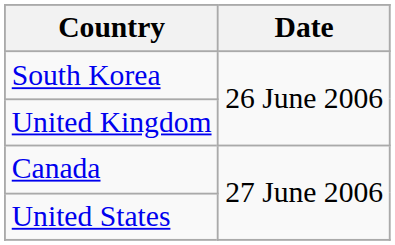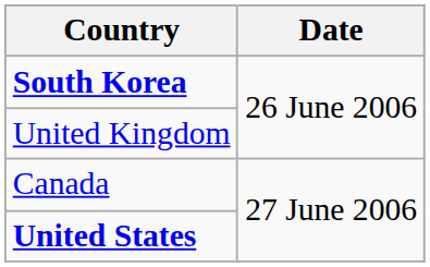 <table class="wikitable">
 <tr>
 <th>Country</th>
 <th>Date</th>
 </tr>
 <tr>
-<td><a href='#'>South Korea</a></td>
+<td><strong><a href='#'>South Korea</a></strong></td>
 <td rowspan="2">26 June 2006</td>
 </tr>
 <tr>
 <td><a href='#'>United Kingdom</a></td>
 </tr>
 <tr>
 <td><a href='#'>Canada</a></td>
 <td rowspan="2">27 June 2006</td>
 </tr>
 <tr>
-<td><a href='#'>United States</a></td>
+<td><strong><a href='#'>United States</a></strong></td>
 </tr>
 </table>
